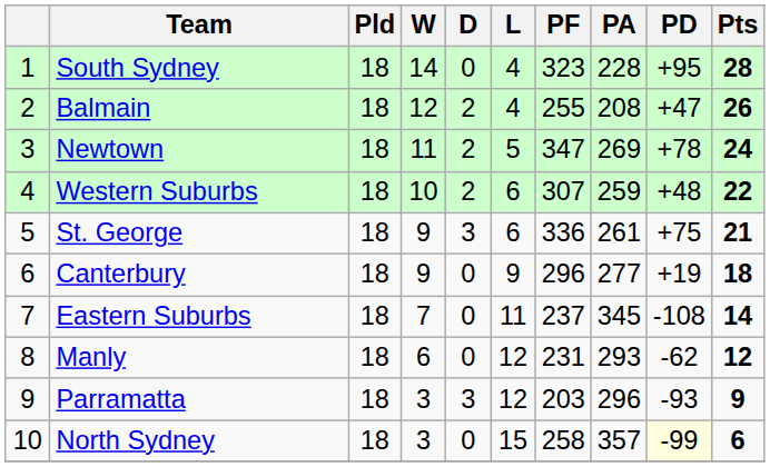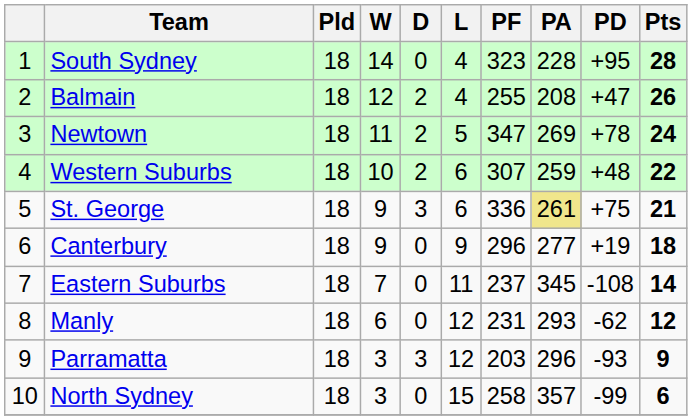 <table class="wikitable" style="text-align:center;">
 <tr>
 <th width=20 abbr="Position×"></th>
 <th width=175>Team</th>
 <th width=20 abbr="Played">Pld</th>
 <th width=20 abbr="Won">W</th>
 <th width=20 abbr="Drawn">D</th>
 <th width=20 abbr="Lost">L</th>
 <th width=20 abbr="Points for">PF</th>
 <th width=20 abbr="Points against">PA</th>
 <th width=25 abbr="Points difference">PD</th>
 <th width=20 abbr="Points">Pts</th>
 </tr>
 <tr style="background: #ccffcc;">
 <td>1</td>
 <td style="text-align:left;"> <a href='#'>South Sydney</a></td>
 <td>18</td>
 <td>14</td>
 <td>0</td>
 <td>4</td>
 <td>323</td>
 <td>228</td>
 <td>+95</td>
 <td><strong>28</strong></td>
 </tr>
 <tr style="background: #ccffcc;">
 <td>2</td>
 <td style="text-align:left;"> <a href='#'>Balmain</a></td>
 <td>18</td>
 <td>12</td>
 <td>2</td>
 <td>4</td>
 <td>255</td>
 <td>208</td>
 <td>+47</td>
 <td><strong>26</strong></td>
 </tr>
 <tr style="background: #ccffcc;">
 <td>3</td>
 <td style="text-align:left;"> <a href='#'>Newtown</a></td>
 <td>18</td>
 <td>11</td>
 <td>2</td>
 <td>5</td>
 <td>347</td>
 <td>269</td>
 <td>+78</td>
 <td><strong>24</strong></td>
 </tr>
 <tr style="background: #ccffcc;">
 <td>4</td>
 <td style="text-align:left;"> <a href='#'>Western Suburbs</a></td>
 <td>18</td>
 <td>10</td>
 <td>2</td>
 <td>6</td>
 <td>307</td>
 <td>259</td>
 <td>+48</td>
 <td><strong>22</strong></td>
 </tr>
 <tr>
 <td>5</td>
 <td style="text-align:left;"> <a href='#'>St. George</a></td>
 <td>18</td>
 <td>9</td>
 <td>3</td>
 <td>6</td>
 <td>336</td>
-<td>261</td>
+<td style="background: khaki;">261</td>
 <td>+75</td>
 <td><strong>21</strong></td>
 </tr>
 <tr>
 <td>6</td>
 <td style="text-align:left;"> <a href='#'>Canterbury</a></td>
 <td>18</td>
 <td>9</td>
 <td>0</td>
 <td>9</td>
 <td>296</td>
 <td>277</td>
 <td>+19</td>
 <td><strong>18</strong></td>
 </tr>
 <tr>
 <td>7</td>
 <td style="text-align:left;"> <a href='#'>Eastern Suburbs</a></td>
 <td>18</td>
 <td>7</td>
 <td>0</td>
 <td>11</td>
 <td>237</td>
 <td>345</td>
 <td>-108</td>
 <td><strong>14</strong></td>
 </tr>
 <tr>
 <td>8</td>
 <td style="text-align:left;"> <a href='#'>Manly</a></td>
 <td>18</td>
 <td>6</td>
 <td>0</td>
 <td>12</td>
 <td>231</td>
 <td>293</td>
 <td>-62</td>
 <td><strong>12</strong></td>
 </tr>
 <tr>
 <td>9</td>
 <td style="text-align:left;"> <a href='#'>Parramatta</a></td>
 <td>18</td>
 <td>3</td>
 <td>3</td>
 <td>12</td>
 <td>203</td>
 <td>296</td>
 <td>-93</td>
 <td><strong>9</strong></td>
 </tr>
 <tr>
 <td>10</td>
 <td style="text-align:left;"> <a href='#'>North Sydney</a></td>
 <td>18</td>
 <td>3</td>
 <td>0</td>
 <td>15</td>
 <td>258</td>
 <td>357</td>
-<td style="background: lightyellow;">-99</td>
+<td>-99</td>
 <td><strong>6</strong></td>
 </tr>
 <tr>
 </tr>
 </table>
